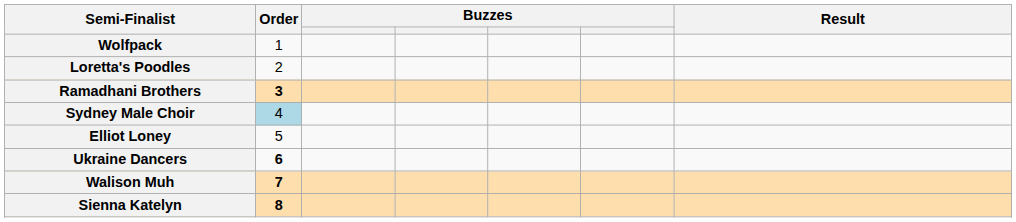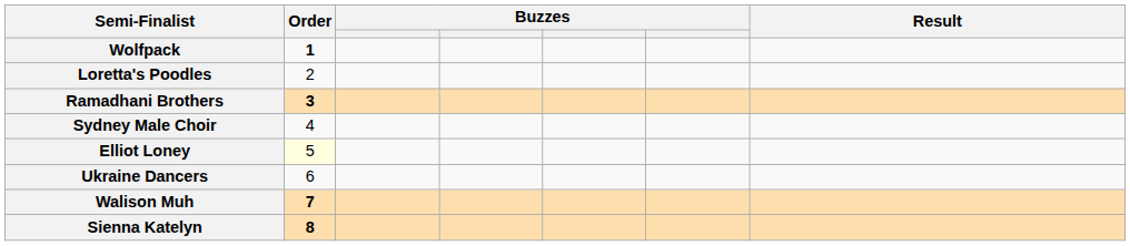 <table class="wikitable plainrowheaders sortable" style="text-align:center;">
 <tr>
 <th scope="col" rowspan="2" class="unsortable" style="width:17em;">Semi-Finalist</th>
 <th scope="col" rowspan="2" style="width:1em;">Order</th>
 <th scope="col" colspan="4" class="unsortable" style="width:24em;">Buzzes</th>
 <th scope="col" rowspan="2" style="width:23em;">Result</th>
 </tr>
 <tr>
 <th scope="col" class="unsortable" style="width:6em;"></th>
 <th scope="col" class="unsortable" style="width:6em;"></th>
 <th scope="col" class="unsortable" style="width:6em;"></th>
 <th scope="col" class="unsortable" style="width:6em;"></th>
 </tr>
 <tr>
 <th scope="row">Wolfpack</th>
-<td>1</td>
+<td><strong>1</strong></td>
 <td style="text-align:center;"></td>
 <td style="text-align:center;"></td>
 <td style="text-align:center;"></td>
 <td style="text-align:center;"></td>
 <td></td>
 </tr>
 <tr>
 <th scope="row">Loretta's Poodles</th>
 <td>2</td>
 <td style="text-align:center;"></td>
 <td style="text-align:center;"></td>
 <td style="text-align:center;"></td>
 <td style="text-align:center;"></td>
 <td></td>
 </tr>
 <tr style="background:NavajoWhite;">
 <th scope="row"><strong>Ramadhani Brothers</strong></th>
 <td><strong>3</strong></td>
 <td style="text-align:center;"></td>
 <td style="text-align:center;"></td>
 <td style="text-align:center;"></td>
 <td style="text-align:center;"></td>
 <td><strong></strong></td>
 </tr>
 <tr>
 <th scope="row">Sydney Male Choir</th>
-<td style="background: lightblue;">4</td>
+<td>4</td>
 <td style="text-align:center;"></td>
 <td style="text-align:center;"></td>
 <td style="text-align:center;"></td>
 <td style="text-align:center;"></td>
 <td></td>
 </tr>
 <tr>
 <th scope="row">Elliot Loney</th>
-<td>5</td>
+<td style="background: lightyellow;">5</td>
 <td style="text-align:center;"></td>
 <td style="text-align:center;"></td>
 <td style="text-align:center;"></td>
 <td style="text-align:center;"></td>
 <td></td>
 </tr>
 <tr>
 <th scope="row">Ukraine Dancers</th>
-<td><strong>6</strong></td>
+<td>6</td>
 <td style="text-align:center;"></td>
 <td style="text-align:center;"></td>
 <td style="text-align:center;"></td>
 <td style="text-align:center;"></td>
 <td></td>
 </tr>
 <tr style="background:NavajoWhite;">
 <th scope="row"><strong>Walison Muh</strong></th>
 <td><strong>7</strong></td>
 <td style="text-align:center;"></td>
 <td style="text-align:center;"></td>
 <td style="text-align:center;"></td>
 <td style="text-align:center;"></td>
 <td><strong></strong></td>
 </tr>
 <tr style="background:NavajoWhite;">
 <th scope="row"><strong>Sienna Katelyn</strong></th>
 <td><strong>8</strong></td>
 <td style="text-align:center;"></td>
 <td style="text-align:center;"></td>
 <td style="text-align:center;"></td>
 <td style="text-align:center;"></td>
 <td><strong></strong></td>
 </tr>
 </table>
